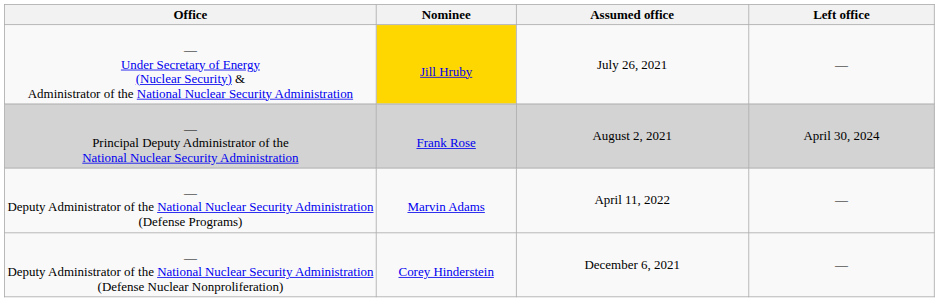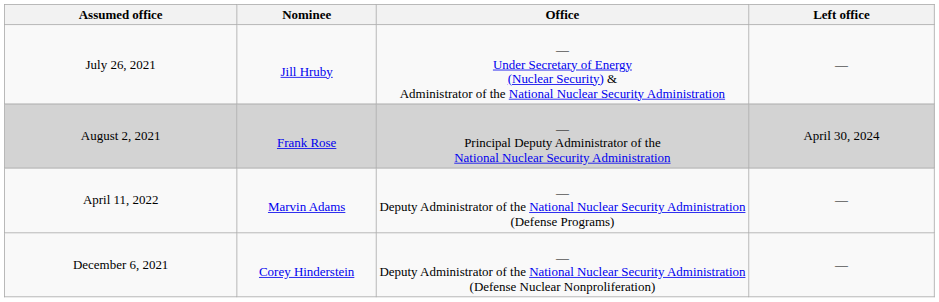 <table class="wikitable sortable" style="text-align:center">
 <tr>
+<th style="width:25%;" data-sort-type="date">Assumed office</th>
+<th style="width:15%;">Nominee</th>
 <th style="width:40%;">Office</th>
-<th style="width:15%;">Nominee</th>
-<th style="width:25%;" data-sort-type="date">Assumed office</th>
 <th style="width:20%;" data-sort-type="date">Left office</th>
 </tr>
 <tr>
+<td>July 26, 2021<br></td>
+<td><br><a href='#'>Jill Hruby</a></td>
 <td><br>—<br><a href='#'>Under Secretary of Energy<br>(Nuclear Security)</a> &<br>Administrator of the <a href='#'>National Nuclear Security Administration</a></td>
-<td style="background: gold;"><br><a href='#'>Jill Hruby</a></td>
-<td>July 26, 2021<br></td>
 <td>—</td>
 </tr>
 <tr style="background:lightgray;">
+<td>August 2, 2021<br></td>
+<td><br><a href='#'>Frank Rose</a></td>
 <td><br>—<br>Principal Deputy Administrator of the<br><a href='#'>National Nuclear Security Administration</a></td>
-<td><br><a href='#'>Frank Rose</a></td>
-<td>August 2, 2021<br></td>
 <td>April 30, 2024</td>
 </tr>
 <tr>
+<td>April 11, 2022<br></td>
+<td><br><a href='#'>Marvin Adams</a></td>
 <td><br>—<br>Deputy Administrator of the <a href='#'>National Nuclear Security Administration</a><br>(Defense Programs)</td>
-<td><br><a href='#'>Marvin Adams</a></td>
-<td>April 11, 2022<br></td>
 <td>—</td>
 </tr>
 <tr>
+<td>December 6, 2021<br></td>
+<td><br><a href='#'>Corey Hinderstein</a></td>
 <td><br>—<br>Deputy Administrator of the <a href='#'>National Nuclear Security Administration</a><br>(Defense Nuclear Nonproliferation)</td>
-<td><br><a href='#'>Corey Hinderstein</a></td>
-<td>December 6, 2021<br></td>
 <td>—</td>
 </tr>
 </table>
